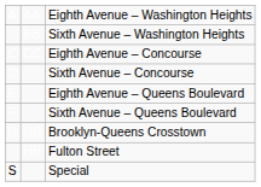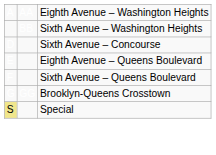 <table class="wikitable">
 <tr valign="top">
 <td style="color:white; background-color:#">A</td>
 <td style="color:white; background-color:#">AA</td>
 <td>Eighth Avenue – Washington Heights</td>
 </tr>
 <tr valign="top">
 <td></td>
 <td style="color:white; background-color:#">BB</td>
 <td>Sixth Avenue – Washington Heights</td>
-</tr>
-<tr valign="top">
-<td style="color:white; background-color:#">C</td>
-<td style="color:white; background-color:#">CC</td>
-<td>Eighth Avenue – Concourse</td>
 </tr>
 <tr valign="top">
 <td style="color:white; background-color:#">D</td>
 <td></td>
 <td>Sixth Avenue – Concourse</td>
 </tr>
 <tr valign="top">
 <td style="color:white; background-color:#">E</td>
 <td></td>
 <td>Eighth Avenue – Queens Boulevard</td>
 </tr>
 <tr valign="top">
 <td style="color:white; background-color:#">F</td>
 <td></td>
 <td>Sixth Avenue – Queens Boulevard</td>
 </tr>
 <tr valign="top">
 <td style="color:white; background-color:#">G</td>
 <td style="color:white; background-color:#">GG</td>
 <td>Brooklyn-Queens Crosstown</td>
 </tr>
 <tr valign="top">
-<td></td>
-<td style="color:white; background-color:#">HH</td>
-<td>Fulton Street</td>
-</tr>
-<tr valign="top">
-<td>S</td>
+<td style="background: khaki;">S</td>
 <td></td>
 <td>Special</td>
 </tr>
 </table>
